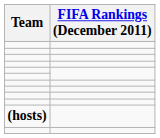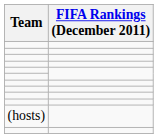 <table class="wikitable sortable" style="text-align: left;">
 <tr>
 <th>Team</th>
 <th><a href='#'>FIFA Rankings</a><br>(December 2011)</th>
 </tr>
 <tr>
 <td></td>
 <td></td>
 </tr>
 <tr>
 <td></td>
 <td></td>
 </tr>
 <tr>
 <td></td>
 <td></td>
 </tr>
 <tr>
 <td></td>
 <td></td>
 </tr>
 <tr>
 <td></td>
 <td rowspan=2></td>
 </tr>
 <tr>
 <td></td>
 </tr>
 <tr>
 <td></td>
 <td></td>
 </tr>
 <tr>
 <td></td>
 <td></td>
 </tr>
 <tr>
 <td></td>
 <td></td>
 </tr>
 <tr>
 <td></td>
 <td></td>
 </tr>
 <tr>
-<td><strong> (hosts)</strong></td>
+<td> (hosts)</td>
 <td></td>
 </tr>
 <tr>
 <td></td>
 <td></td>
 </tr>
 </table>
